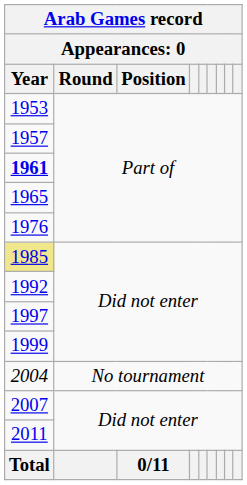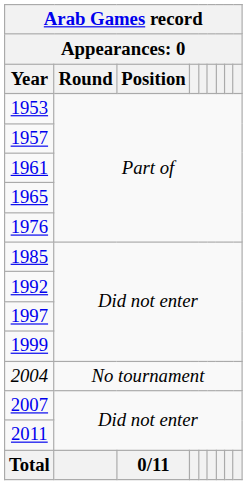 <table class="wikitable" style="text-align: center;">
 <tr>
 <th colspan=9><a href='#'>Arab Games</a> record</th>
 </tr>
 <tr>
 <th colspan=9>Appearances: 0</th>
 </tr>
 <tr>
 <th>Year</th>
 <th>Round</th>
 <th>Position</th>
 <th></th>
 <th></th>
 <th></th>
 <th></th>
 <th></th>
 <th></th>
 </tr>
 <tr>
 <td> <a href='#'>1953</a></td>
 <td colspan=8 rowspan=5><em>Part of </em></td>
 </tr>
 <tr>
 <td> <a href='#'>1957</a></td>
 </tr>
 <tr>
-<td><strong> <a href='#'>1961</a></strong></td>
+<td> <a href='#'>1961</a></td>
 </tr>
 <tr>
 <td> <a href='#'>1965</a></td>
 </tr>
 <tr>
 <td> <a href='#'>1976</a></td>
 </tr>
 <tr>
-<td style="background: khaki;"> <a href='#'>1985</a></td>
+<td> <a href='#'>1985</a></td>
 <td colspan=8 rowspan=4><em>Did not enter</em></td>
 </tr>
 <tr>
 <td> <a href='#'>1992</a></td>
 </tr>
 <tr>
 <td> <a href='#'>1997</a></td>
 </tr>
 <tr>
 <td> <a href='#'>1999</a></td>
 </tr>
 <tr>
 <td> <em>2004</em></td>
 <td colspan=8><em>No tournament</em></td>
 </tr>
 <tr>
 <td> <a href='#'>2007</a></td>
 <td colspan=8 rowspan=2><em>Did not enter</em></td>
 </tr>
 <tr>
 <td> <a href='#'>2011</a></td>
 </tr>
 <tr>
 <th>Total</th>
 <th></th>
 <th>0/11</th>
 <th></th>
 <th></th>
 <th></th>
 <th></th>
 <th></th>
 <th></th>
 </tr>
 </table>
